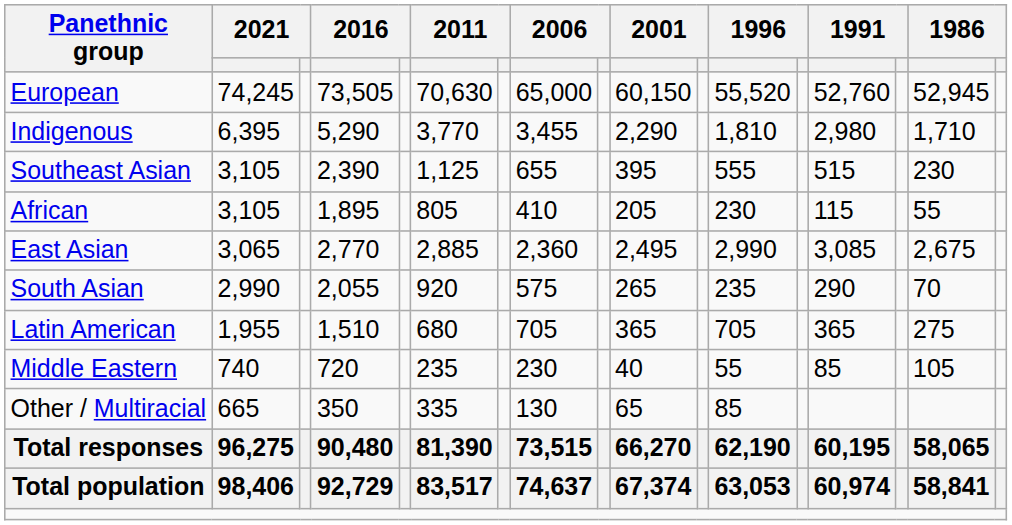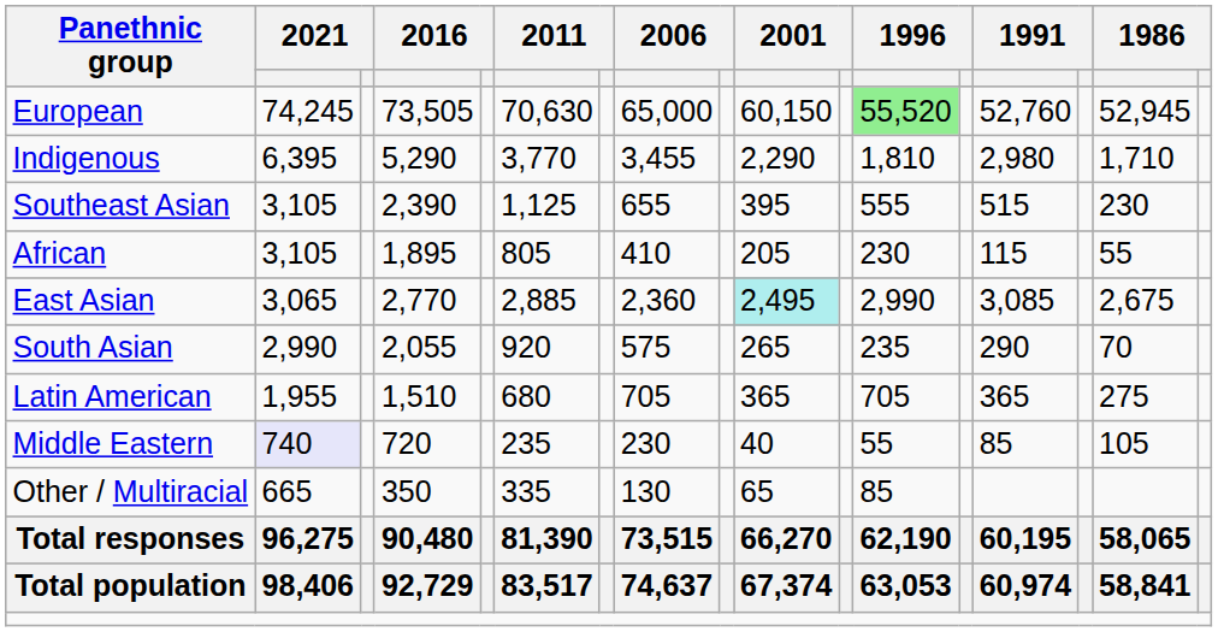 <table class="wikitable collapsible sortable">
 <tr>
 <th rowspan="2"><a href='#'>Panethnic</a><br>group</th>
 <th colspan="2">2021</th>
 <th colspan="2">2016</th>
 <th colspan="2">2011</th>
 <th colspan="2">2006</th>
 <th colspan="2">2001</th>
 <th colspan="2">1996</th>
 <th colspan="2">1991</th>
 <th colspan="2">1986</th>
 </tr>
 <tr>
 <th><a href='#'></a></th>
 <th></th>
 <th></th>
 <th></th>
 <th></th>
 <th></th>
 <th></th>
 <th></th>
 <th></th>
 <th></th>
 <th></th>
 <th></th>
 <th></th>
 <th></th>
 <th></th>
 <th></th>
 </tr>
 <tr>
 <td><a href='#'>European</a></td>
 <td>74,245</td>
 <td></td>
 <td>73,505</td>
 <td></td>
 <td>70,630</td>
 <td></td>
 <td>65,000</td>
 <td></td>
 <td>60,150</td>
 <td></td>
-<td>55,520</td>
+<td style="background: lightgreen;">55,520</td>
 <td></td>
 <td>52,760</td>
 <td></td>
 <td>52,945</td>
 <td></td>
 </tr>
 <tr>
 <td><a href='#'>Indigenous</a></td>
 <td>6,395</td>
 <td></td>
 <td>5,290</td>
 <td></td>
 <td>3,770</td>
 <td></td>
 <td>3,455</td>
 <td></td>
 <td>2,290</td>
 <td></td>
 <td>1,810</td>
 <td></td>
 <td>2,980</td>
 <td></td>
 <td>1,710</td>
 <td></td>
 </tr>
 <tr>
 <td><a href='#'>Southeast Asian</a></td>
 <td>3,105</td>
 <td></td>
 <td>2,390</td>
 <td></td>
 <td>1,125</td>
 <td></td>
 <td>655</td>
 <td></td>
 <td>395</td>
 <td></td>
 <td>555</td>
 <td></td>
 <td>515</td>
 <td></td>
 <td>230</td>
 <td></td>
 </tr>
 <tr>
 <td><a href='#'>African</a></td>
 <td>3,105</td>
 <td></td>
 <td>1,895</td>
 <td></td>
 <td>805</td>
 <td></td>
 <td>410</td>
 <td></td>
 <td>205</td>
 <td></td>
 <td>230</td>
 <td></td>
 <td>115</td>
 <td></td>
 <td>55</td>
 <td></td>
 </tr>
 <tr>
 <td><a href='#'>East Asian</a></td>
 <td>3,065</td>
 <td></td>
 <td>2,770</td>
 <td></td>
 <td>2,885</td>
 <td></td>
 <td>2,360</td>
 <td></td>
-<td>2,495</td>
+<td style="background: paleturquoise;">2,495</td>
 <td></td>
 <td>2,990</td>
 <td></td>
 <td>3,085</td>
 <td></td>
 <td>2,675</td>
 <td></td>
 </tr>
 <tr>
 <td><a href='#'>South Asian</a></td>
 <td>2,990</td>
 <td></td>
 <td>2,055</td>
 <td></td>
 <td>920</td>
 <td></td>
 <td>575</td>
 <td></td>
 <td>265</td>
 <td></td>
 <td>235</td>
 <td></td>
 <td>290</td>
 <td></td>
 <td>70</td>
 <td></td>
 </tr>
 <tr>
 <td><a href='#'>Latin American</a></td>
 <td>1,955</td>
 <td></td>
 <td>1,510</td>
 <td></td>
 <td>680</td>
 <td></td>
 <td>705</td>
 <td></td>
 <td>365</td>
 <td></td>
 <td>705</td>
 <td></td>
 <td>365</td>
 <td></td>
 <td>275</td>
 <td></td>
 </tr>
 <tr>
 <td><a href='#'>Middle Eastern</a></td>
-<td>740</td>
+<td style="background: lavender;">740</td>
 <td></td>
 <td>720</td>
 <td></td>
 <td>235</td>
 <td></td>
 <td>230</td>
 <td></td>
 <td>40</td>
 <td></td>
 <td>55</td>
 <td></td>
 <td>85</td>
 <td></td>
 <td>105</td>
 <td></td>
 </tr>
 <tr>
 <td>Other / <a href='#'>Multiracial</a></td>
 <td>665</td>
 <td></td>
 <td>350</td>
 <td></td>
 <td>335</td>
 <td></td>
 <td>130</td>
 <td></td>
 <td>65</td>
 <td></td>
 <td>85</td>
 <td></td>
 <td></td>
 <td></td>
 <td></td>
 <td></td>
 </tr>
 <tr>
 <th>Total responses</th>
 <th>96,275</th>
 <th></th>
 <th>90,480</th>
 <th></th>
 <th>81,390</th>
 <th></th>
 <th>73,515</th>
 <th></th>
 <th>66,270</th>
 <th></th>
 <th>62,190</th>
 <th></th>
 <th>60,195</th>
 <th></th>
 <th>58,065</th>
 <th></th>
 </tr>
 <tr>
 <th>Total population</th>
 <th>98,406</th>
 <th></th>
 <th>92,729</th>
 <th></th>
 <th>83,517</th>
 <th></th>
 <th>74,637</th>
 <th></th>
 <th>67,374</th>
 <th></th>
 <th>63,053</th>
 <th></th>
 <th>60,974</th>
 <th></th>
 <th>58,841</th>
 <th></th>
 </tr>
 <tr class="sortbottom">
 <td colspan="20"></td>
 </tr>
 </table>
